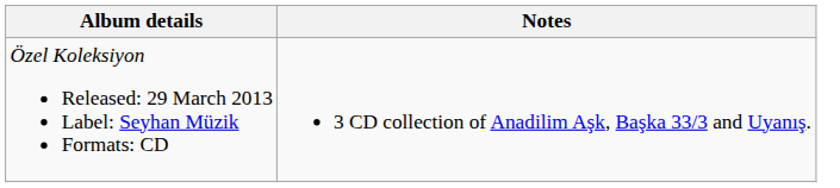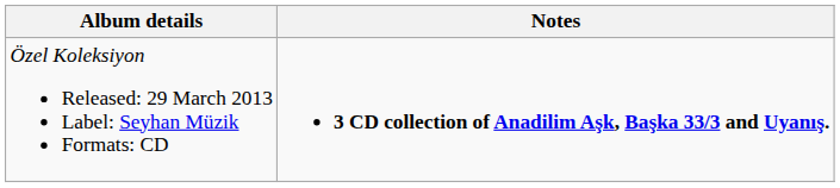 <table class="wikitable">
 <tr>
 <th>Album details</th>
 <th>Notes</th>
 </tr>
 <tr>
 <td><em>Özel Koleksiyon</em><br><ul><li>Released: 29 March 2013</li><li>Label: <a href='#'>Seyhan Müzik</a></li><li>Formats: CD</li></ul></td>
-<td><br><ul><li>3 CD collection of <a href='#'>Anadilim Aşk</a>, <a href='#'>Başka 33/3</a> and <a href='#'>Uyanış</a>.</li></ul></td>
+<td><strong><br><ul><li>3 CD collection of <a href='#'>Anadilim Aşk</a>, <a href='#'>Başka 33/3</a> and <a href='#'>Uyanış</a>.</li></ul></strong></td>
 </tr>
 <tr>
 </tr>
 </table>
